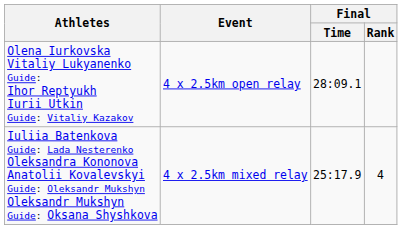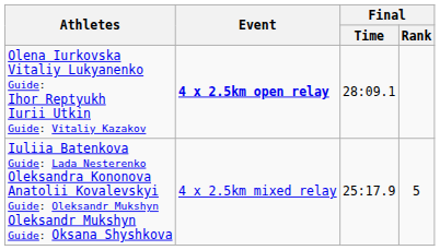 <table class="wikitable" style="font-size:100%">
 <tr>
 <th rowspan="2">Athletes</th>
 <th rowspan="2">Event</th>
 <th colspan="2">Final</th>
 </tr>
 <tr>
 <th>Time</th>
 <th>Rank</th>
 </tr>
 <tr>
 <td><a href='#'>Olena Iurkovska</a><br><a href='#'>Vitaliy Lukyanenko</a><br><small><a href='#'>Guide</a>: </small><br><a href='#'>Ihor Reptyukh</a><br><a href='#'>Iurii Utkin</a><br><small><a href='#'>Guide</a>: <a href='#'>Vitaliy Kazakov</a></small></td>
-<td><a href='#'>4 x 2.5km open relay</a></td>
+<td><strong><a href='#'>4 x 2.5km open relay</a></strong></td>
 <td align="center">28:09.1</td>
 <td align="center"></td>
 </tr>
 <tr>
 <td><a href='#'>Iuliia Batenkova</a><br><small><a href='#'>Guide</a>: <a href='#'>Lada Nesterenko</a></small><br><a href='#'>Oleksandra Kononova</a><br><a href='#'>Anatolii Kovalevskyi</a><br><small><a href='#'>Guide</a>: <a href='#'>Oleksandr Mukshyn</a></small><br><a href='#'>Oleksandr Mukshyn</a><br><small><a href='#'>Guide</a>: </small><a href='#'>Oksana Shyshkova</a></td>
 <td><a href='#'>4 x 2.5km mixed relay</a></td>
 <td align="center">25:17.9</td>
-<td align="center">4</td>
+<td align="center">5</td>
 </tr>
 </table>
